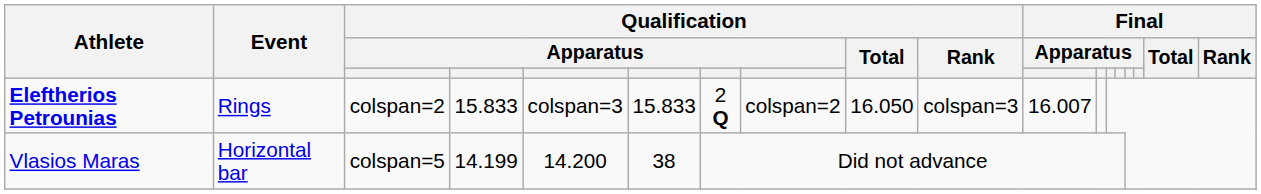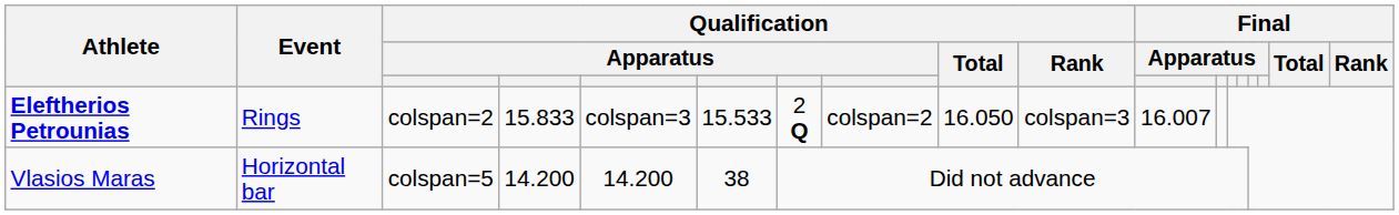 <table class="wikitable" style="font-size:90%">
 <tr>
 <th rowspan=3>Athlete</th>
 <th rowspan=3>Event</th>
 <th colspan =8>Qualification</th>
 <th colspan =8>Final</th>
 </tr>
 <tr style="font-size:95%">
 <th colspan=6>Apparatus</th>
 <th rowspan=2>Total</th>
 <th rowspan=2>Rank</th>
 <th colspan=6>Apparatus</th>
 <th rowspan=2>Total</th>
 <th rowspan=2>Rank</th>
 </tr>
 <tr style="font-size:95%">
 <th></th>
 <th></th>
 <th></th>
 <th></th>
 <th></th>
 <th></th>
 <th></th>
 <th></th>
 <th></th>
 <th></th>
 <th></th>
 <th></th>
 </tr>
 <tr align=center>
 <td align=left><strong><a href='#'>Eleftherios Petrounias</a></strong></td>
 <td align=left><a href='#'>Rings</a></td>
 <td>colspan=2 </td>
 <td>15.833</td>
 <td>colspan=3 </td>
-<td>15.833</td>
+<td>15.533</td>
 <td>2 <strong>Q</strong></td>
 <td>colspan=2 </td>
 <td>16.050</td>
 <td>colspan=3 </td>
 <td>16.007</td>
 <td></td>
 </tr>
 <tr align=center>
 <td align=left><a href='#'>Vlasios Maras</a></td>
 <td align=left><a href='#'>Horizontal bar</a></td>
 <td>colspan=5 </td>
-<td>14.199</td>
+<td>14.200</td>
 <td>14.200</td>
 <td>38</td>
 <td colspan="8">Did not advance</td>
 </tr>
 </table>
